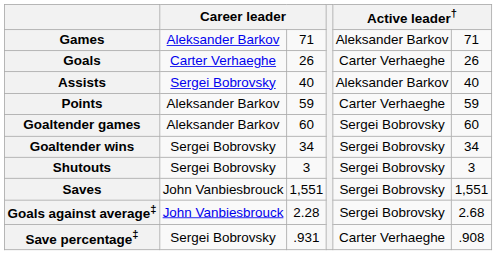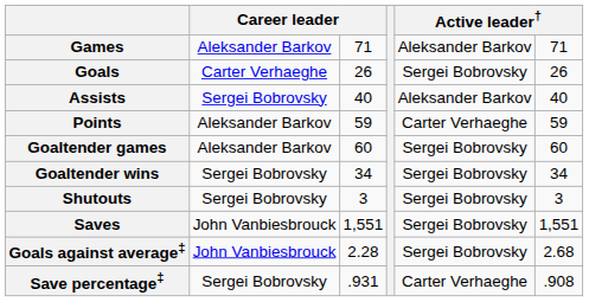 <table class="wikitable" style="text-align: center; font-size: 95">
 <tr>
 <th></th>
 <th colspan="2">Career leader</th>
 <th rowspan="11"></th>
 <th colspan="2">Active leader<sup>†</sup></th>
 </tr>
 <tr>
 <th>Games</th>
 <td><a href='#'>Aleksander Barkov</a></td>
 <td>71</td>
 <td>Aleksander Barkov</td>
 <td>71</td>
 </tr>
 <tr>
 <th>Goals</th>
 <td><a href='#'>Carter Verhaeghe</a></td>
 <td>26</td>
-<td>Carter Verhaeghe</td>
+<td>Sergei Bobrovsky</td>
 <td>26</td>
 </tr>
 <tr>
 <th>Assists</th>
 <td><a href='#'>Sergei Bobrovsky</a></td>
 <td>40</td>
 <td>Aleksander Barkov</td>
 <td>40</td>
 </tr>
 <tr>
 <th>Points</th>
 <td>Aleksander Barkov</td>
 <td>59</td>
 <td>Carter Verhaeghe</td>
 <td>59</td>
 </tr>
 <tr>
 <th>Goaltender games</th>
 <td>Aleksander Barkov</td>
 <td>60</td>
 <td>Sergei Bobrovsky</td>
 <td>60</td>
 </tr>
 <tr>
 <th>Goaltender wins</th>
 <td>Sergei Bobrovsky</td>
 <td>34</td>
 <td>Sergei Bobrovsky</td>
 <td>34</td>
 </tr>
 <tr>
 <th>Shutouts</th>
 <td>Sergei Bobrovsky</td>
 <td>3</td>
 <td>Sergei Bobrovsky</td>
 <td>3</td>
 </tr>
 <tr>
 <th>Saves</th>
 <td>John Vanbiesbrouck</td>
 <td>1,551</td>
 <td>Sergei Bobrovsky</td>
 <td>1,551</td>
 </tr>
 <tr>
 <th>Goals against average<sup>‡</sup></th>
 <td><a href='#'>John Vanbiesbrouck</a></td>
 <td>2.28</td>
 <td>Sergei Bobrovsky</td>
 <td>2.68</td>
 </tr>
 <tr>
 <th>Save percentage<sup>‡</sup></th>
 <td>Sergei Bobrovsky</td>
 <td>.931</td>
 <td>Carter Verhaeghe</td>
 <td>.908</td>
 </tr>
 </table>
